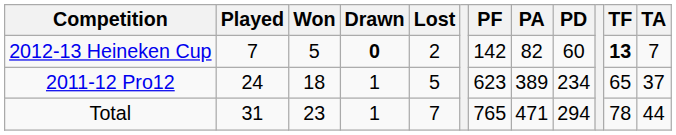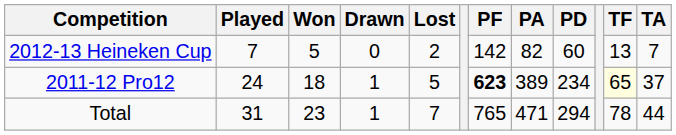 <table class="wikitable">
 <tr>
 <th>Competition</th>
 <th>Played</th>
 <th>Won</th>
 <th>Drawn</th>
 <th>Lost</th>
 <th rowspan="4"></th>
 <th>PF</th>
 <th>PA</th>
 <th>PD</th>
 <th rowspan="4"></th>
 <th>TF</th>
 <th>TA</th>
 </tr>
 <tr align=center>
 <td><a href='#'>2012-13 Heineken Cup</a></td>
 <td>7</td>
 <td>5</td>
-<td><strong>0</strong></td>
+<td>0</td>
 <td>2</td>
 <td>142</td>
 <td>82</td>
 <td>60</td>
-<td><strong>13</strong></td>
+<td>13</td>
 <td>7</td>
 </tr>
 <tr align=center>
 <td><a href='#'>2011-12 Pro12</a></td>
 <td>24</td>
 <td>18</td>
 <td>1</td>
 <td>5</td>
-<td>623</td>
+<td><strong>623</strong></td>
 <td>389</td>
 <td>234</td>
-<td>65</td>
+<td style="background: lightyellow;">65</td>
 <td>37</td>
 </tr>
 <tr align=center>
 <td>Total</td>
 <td>31</td>
 <td>23</td>
 <td>1</td>
 <td>7</td>
 <td>765</td>
 <td>471</td>
 <td>294</td>
 <td>78</td>
 <td>44</td>
 </tr>
 </table>
